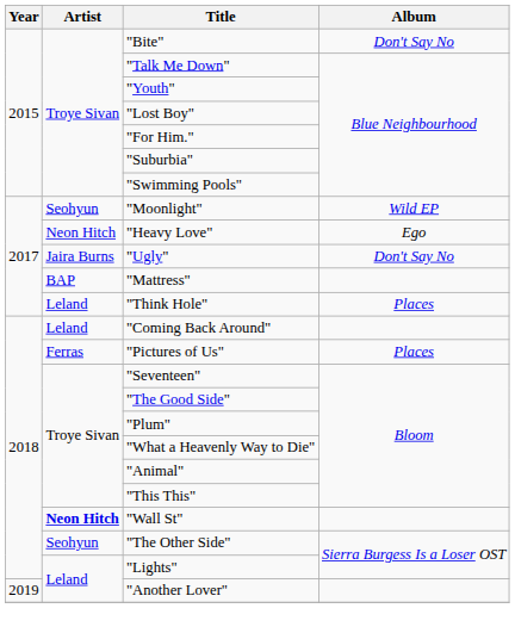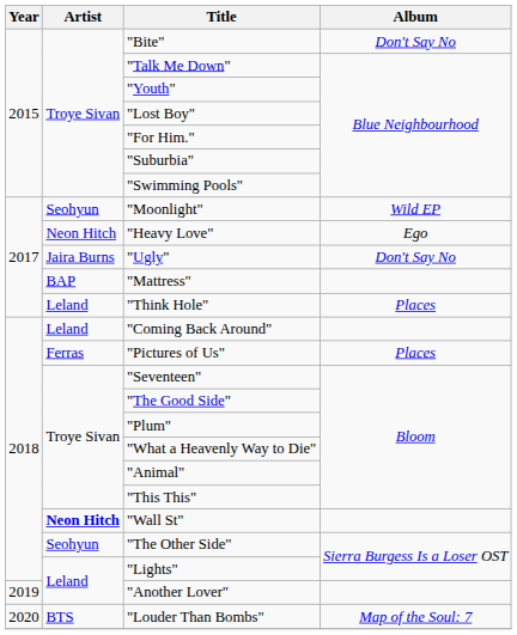 <table class="wikitable">
 <tr>
 <th>Year</th>
 <th>Artist</th>
 <th>Title</th>
 <th>Album</th>
 </tr>
 <tr>
 <td rowspan="7">2015</td>
 <td rowspan="7"><a href='#'>Troye Sivan</a></td>
 <td>"Bite"</td>
 <td align="center"><a href='#'><em>Don't Say No</em></a></td>
 </tr>
 <tr>
 <td>"<a href='#'>Talk Me Down</a>"</td>
 <td align="center" rowspan="6"><em><a href='#'>Blue Neighbourhood</a></em></td>
 </tr>
 <tr>
 <td>"<a href='#'>Youth</a>"</td>
 </tr>
 <tr>
 <td>"Lost Boy"</td>
 </tr>
 <tr>
 <td>"For Him."</td>
 </tr>
 <tr>
 <td>"Suburbia"</td>
 </tr>
 <tr>
 <td>"Swimming Pools"</td>
 </tr>
 <tr>
 <td rowspan="5">2017</td>
 <td><a href='#'>Seohyun</a></td>
 <td>"Moonlight"</td>
 <td align="center"><a href='#'><em>Wild EP</em></a></td>
 </tr>
 <tr>
 <td rowspan="1"><a href='#'>Neon Hitch</a></td>
 <td>"Heavy Love"</td>
 <td align="center"><em>Ego</em></td>
 </tr>
 <tr>
 <td><a href='#'>Jaira Burns</a></td>
 <td>"<a href='#'>Ugly</a>"</td>
 <td align="center"><a href='#'><em>Don't Say No</em></a></td>
 </tr>
 <tr>
 <td><a href='#'>BAP</a></td>
 <td>"Mattress"</td>
 </tr>
 <tr>
 <td><a href='#'>Leland</a></td>
 <td>"Think Hole"</td>
 <td align="center"><a href='#'><em>Places</em></a></td>
 </tr>
 <tr>
 <td rowspan="11">2018</td>
 <td><a href='#'>Leland</a></td>
 <td>"Coming Back Around"</td>
 <td></td>
 </tr>
 <tr>
 <td><a href='#'>Ferras</a></td>
 <td>"Pictures of Us"</td>
 <td align="center"><a href='#'><em>Places</em></a></td>
 </tr>
 <tr>
 <td rowspan="6">Troye Sivan</td>
 <td>"Seventeen"</td>
 <td rowspan="6" align="center"><em><a href='#'>Bloom</a></em></td>
 </tr>
 <tr>
 <td>"<a href='#'>The Good Side</a>"</td>
 </tr>
 <tr>
 <td>"Plum"</td>
 </tr>
 <tr>
 <td>"What a Heavenly Way to Die"</td>
 </tr>
 <tr>
 <td>"Animal"</td>
 </tr>
 <tr>
 <td>"This This"</td>
 </tr>
 <tr>
 <td rowspan="1"><strong><a href='#'>Neon Hitch</a></strong></td>
 <td>"Wall St"</td>
 <td></td>
 </tr>
 <tr>
 <td><a href='#'>Seohyun</a></td>
 <td>"The Other Side"</td>
 <td align="center" rowspan="2"><em><a href='#'>Sierra Burgess Is a Loser</a> OST</em></td>
 </tr>
 <tr>
 <td rowspan="2"><a href='#'>Leland</a></td>
 <td>"Lights"</td>
 </tr>
 <tr>
 <td>2019</td>
 <td>"Another Lover"</td>
 <td></td>
 </tr>
 <tr>
+<td>2020</td>
+<td><a href='#'>BTS</a></td>
+<td>"Louder Than Bombs"</td>
+<td align="center"><em><a href='#'>Map of the Soul: 7</a></em></td>
+</tr>
+<tr>
 </tr>
 </table>
